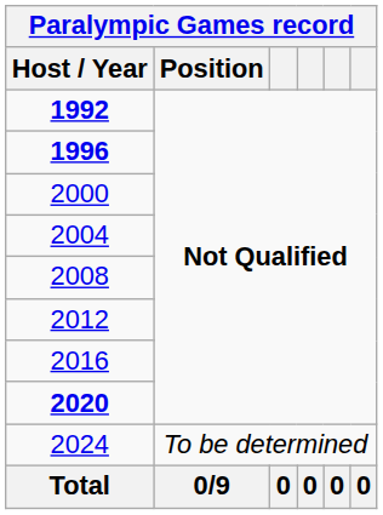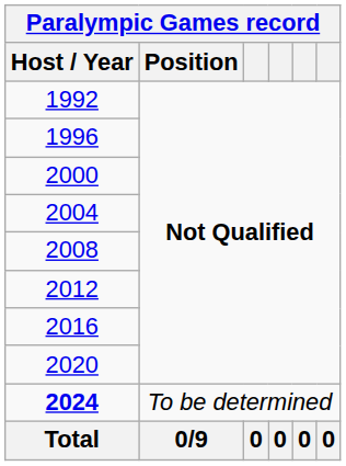 <table class="wikitable" style="text-align: center;">
 <tr>
 <th colspan=9><a href='#'>Paralympic Games record</a></th>
 </tr>
 <tr>
 <th>Host / Year</th>
 <th>Position</th>
 <th></th>
 <th></th>
 <th></th>
 <th></th>
 </tr>
 <tr bgcolor=>
-<td><strong> <a href='#'>1992</a></strong></td>
+<td> <a href='#'>1992</a></td>
 <td colspan=5 rowspan=8><strong>Not Qualified</strong></td>
 </tr>
 <tr bgcolor=>
-<td><strong> <a href='#'>1996</a></strong></td>
+<td> <a href='#'>1996</a></td>
 </tr>
 <tr bgcolor=>
 <td> <a href='#'>2000</a></td>
 </tr>
 <tr bgcolor=>
 <td> <a href='#'>2004</a></td>
 </tr>
 <tr bgcolor=>
 <td> <a href='#'>2008</a></td>
 </tr>
 <tr bgcolor=>
 <td> <a href='#'>2012</a></td>
 </tr>
 <tr bgcolor=>
 <td> <a href='#'>2016</a></td>
 </tr>
 <tr bgcolor=>
-<td><strong> <a href='#'>2020</a></strong></td>
+<td> <a href='#'>2020</a></td>
 </tr>
 <tr bgcolor=>
-<td> <a href='#'>2024</a></td>
+<td><strong> <a href='#'>2024</a></strong></td>
 <td colspan="5"><em>To be determined</em></td>
 </tr>
 <tr>
 <th>Total</th>
 <th>0/9</th>
 <th>0</th>
 <th>0</th>
 <th>0</th>
 <th>0</th>
 </tr>
 </table>
